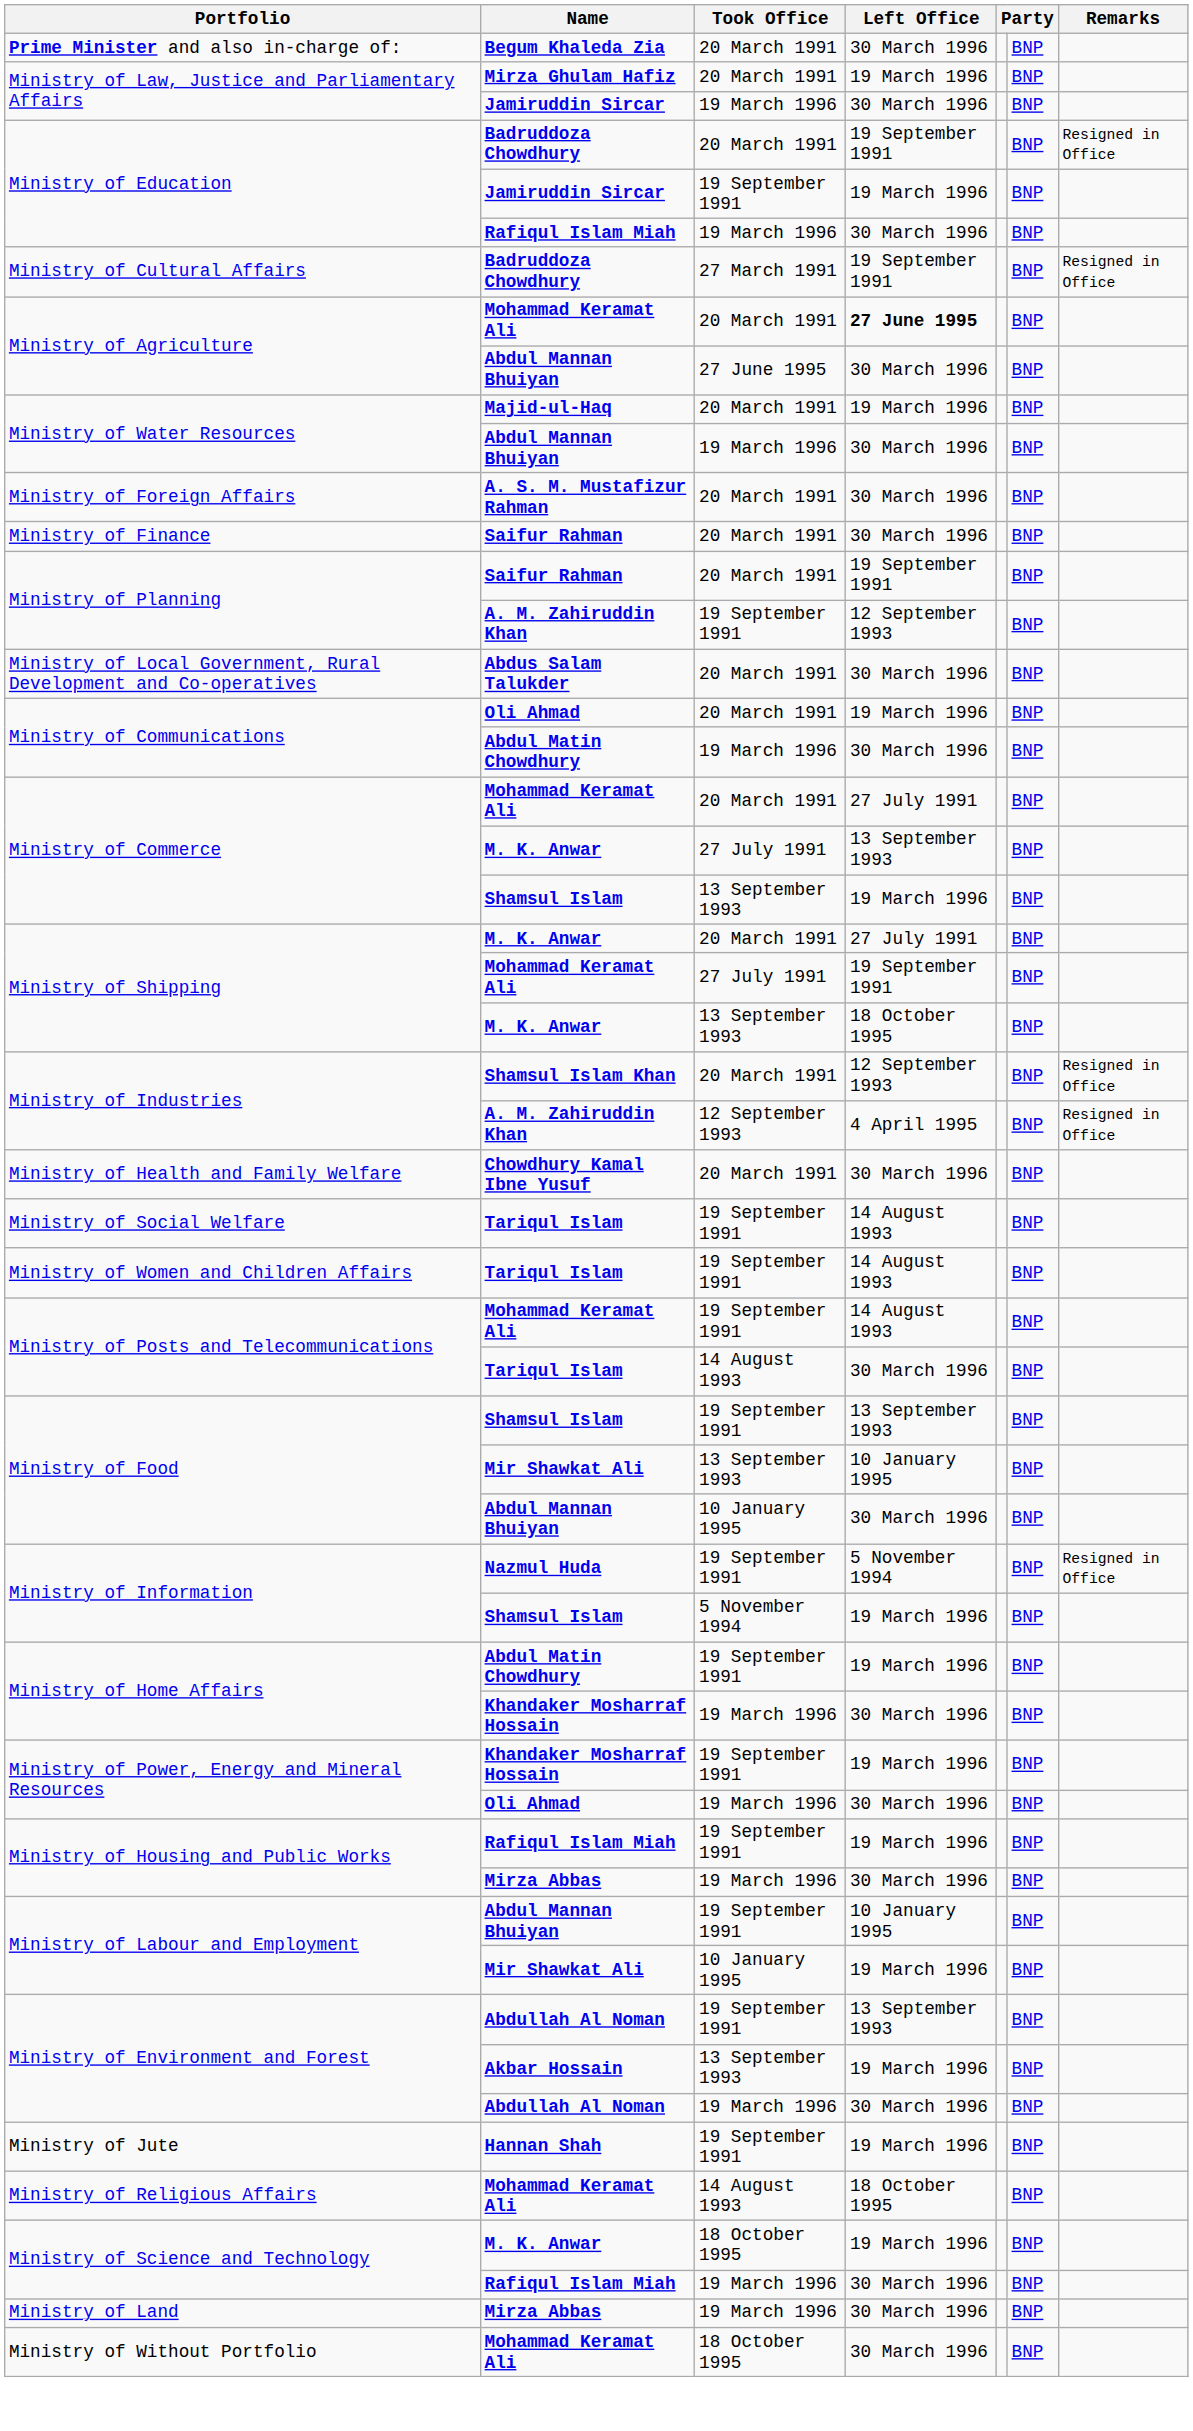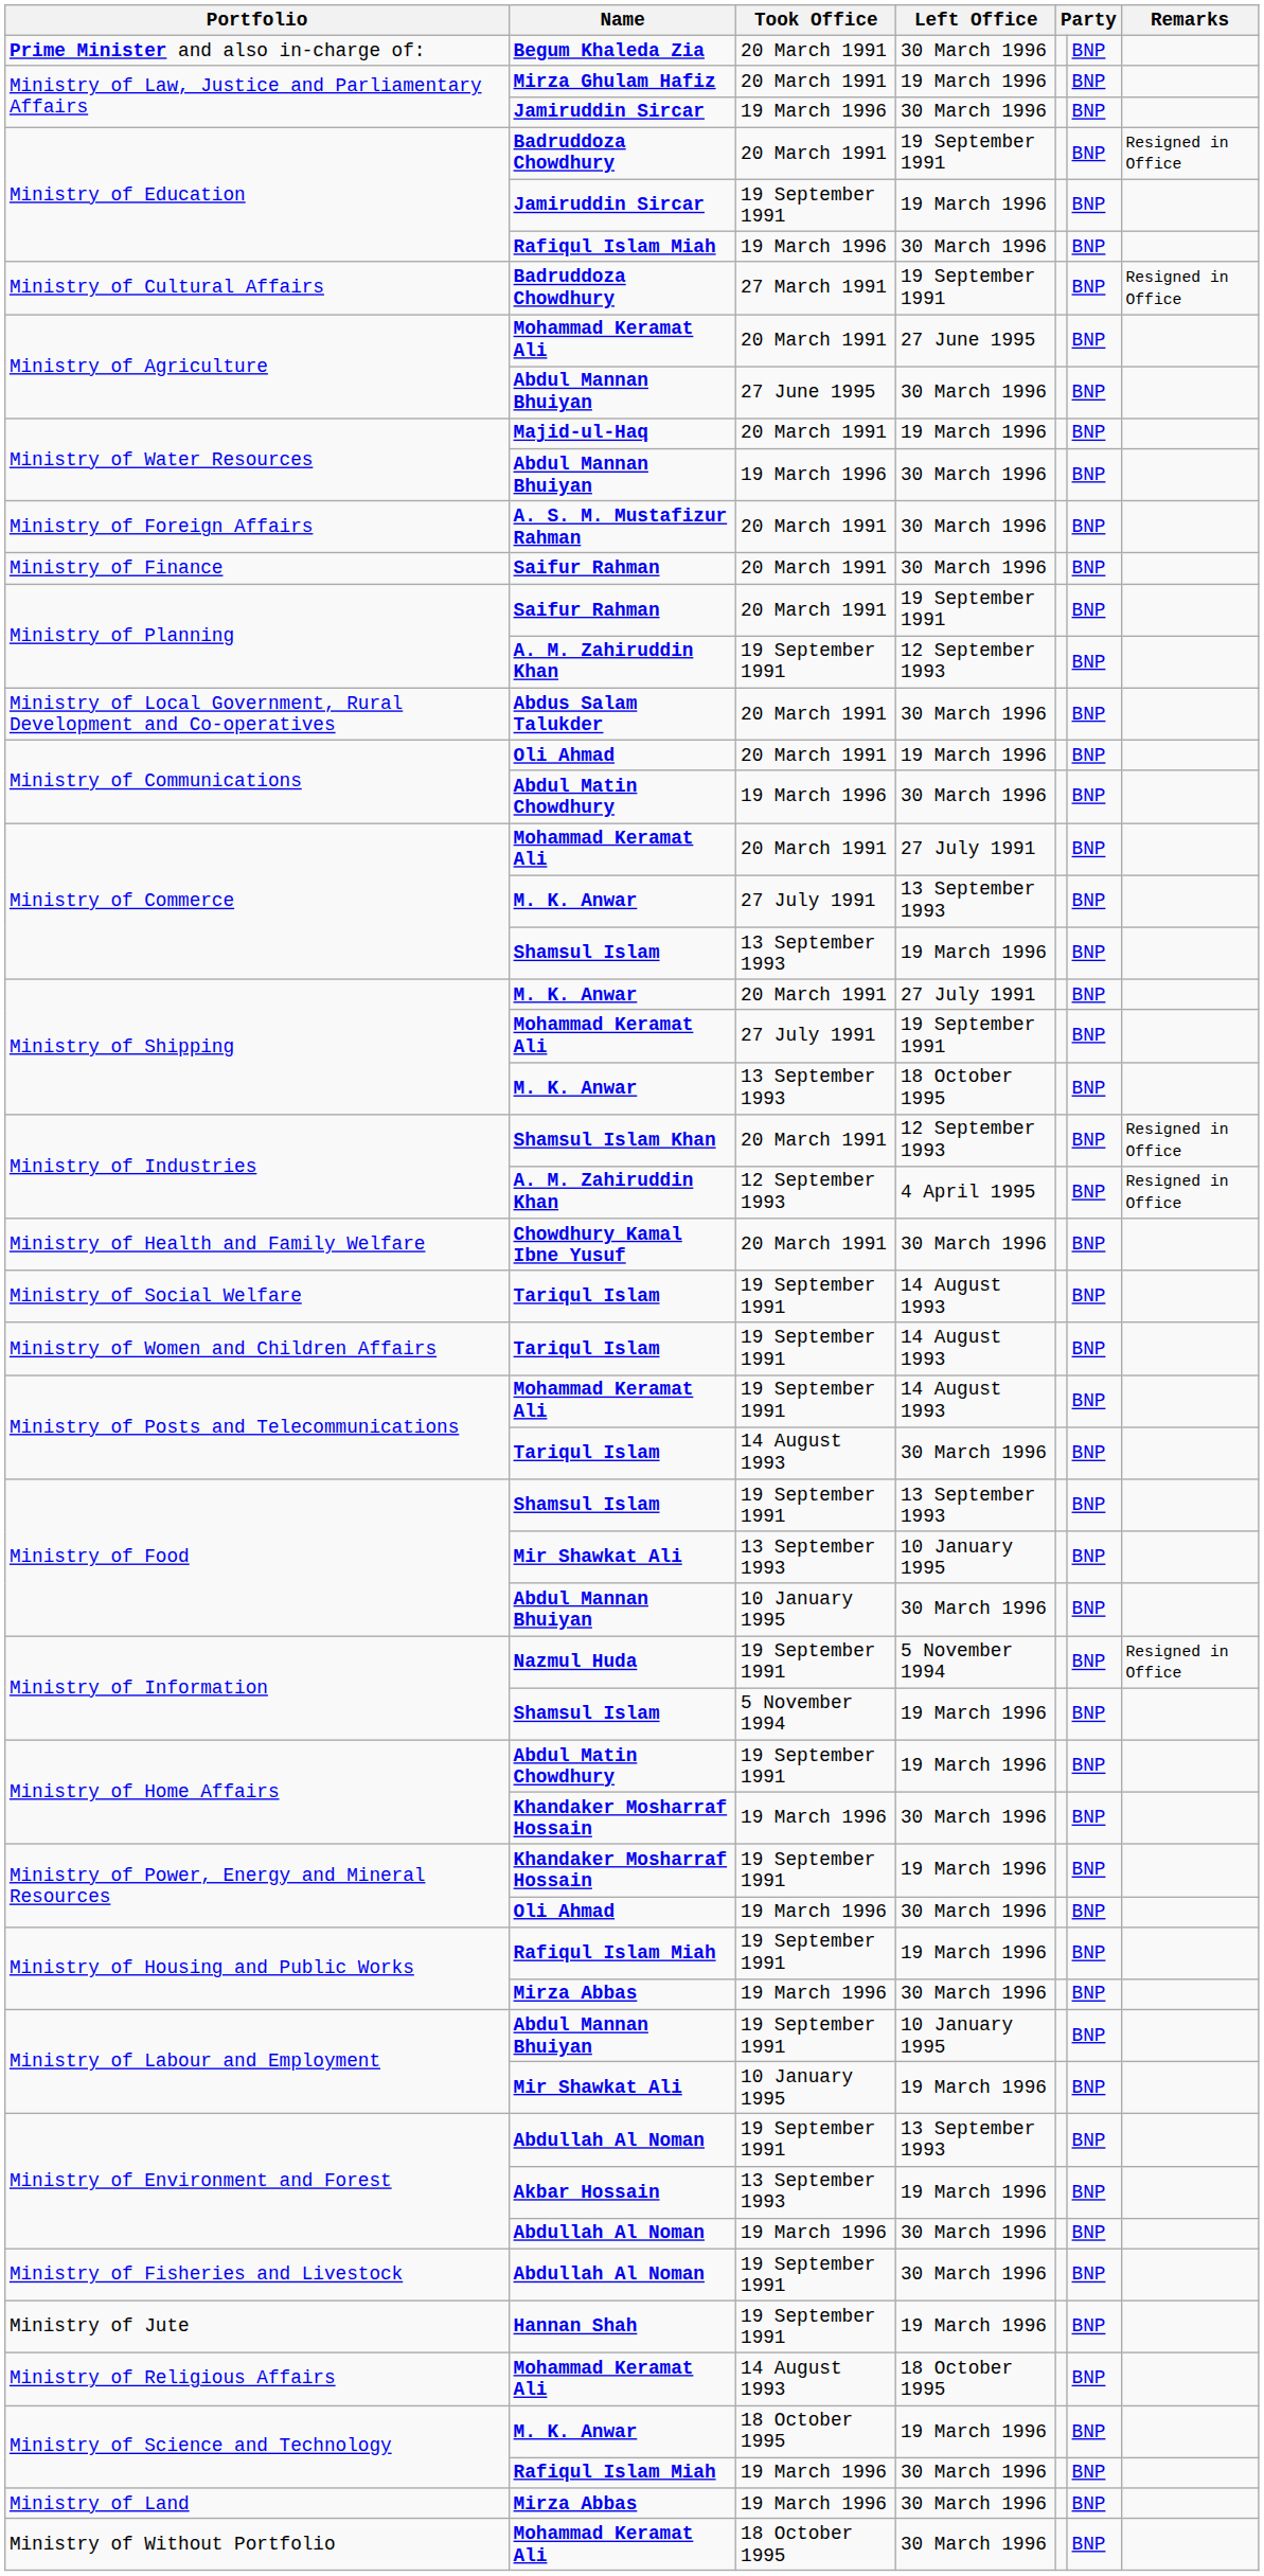 <table class="wikitable sortable">
 <tr>
 <th>Portfolio</th>
 <th>Name</th>
 <th>Took Office</th>
 <th>Left Office</th>
 <th colspan="2">Party</th>
 <th>Remarks</th>
 </tr>
 <tr>
 <td><a href='#'><strong>Prime Minister</strong></a> and also in-charge of: </td>
 <td><a href='#'><strong>Begum Khaleda Zia</strong></a></td>
 <td>20 March 1991</td>
 <td>30 March 1996</td>
 <td style="background-color:"></td>
 <td><a href='#'>BNP</a></td>
 <td></td>
 </tr>
 <tr>
 <td rowspan="2"><a href='#'>Ministry of Law, Justice and Parliamentary Affairs</a></td>
 <td><a href='#'><strong>Mirza Ghulam Hafiz</strong></a></td>
 <td>20 March 1991</td>
 <td>19 March 1996</td>
 <td style="background-color:"></td>
 <td><a href='#'>BNP</a></td>
 <td></td>
 </tr>
 <tr>
 <td><a href='#'><strong>Jamiruddin Sircar</strong></a></td>
 <td>19 March 1996</td>
 <td>30 March 1996</td>
 <td style="background-color:"></td>
 <td><a href='#'>BNP</a></td>
 <td></td>
 </tr>
 <tr>
 <td rowspan="3"><a href='#'>Ministry of Education</a></td>
 <td><a href='#'><strong>Badruddoza Chowdhury</strong></a></td>
 <td>20 March 1991</td>
 <td>19 September 1991</td>
 <td style="background-color:"></td>
 <td><a href='#'>BNP</a></td>
 <td><small>Resigned in Office</small></td>
 </tr>
 <tr>
 <td><a href='#'><strong>Jamiruddin Sircar</strong></a></td>
 <td>19 September 1991</td>
 <td>19 March 1996</td>
 <td style="background-color:"></td>
 <td><a href='#'>BNP</a></td>
 <td></td>
 </tr>
 <tr>
 <td><a href='#'><strong>Rafiqul Islam Miah</strong></a></td>
 <td>19 March 1996</td>
 <td>30 March 1996</td>
 <td style="background-color:"></td>
 <td><a href='#'>BNP</a></td>
 <td></td>
 </tr>
 <tr>
 <td><a href='#'>Ministry of Cultural Affairs</a></td>
 <td><a href='#'><strong>Badruddoza Chowdhury</strong></a></td>
 <td>27 March 1991</td>
 <td>19 September 1991</td>
 <td style="background-color:"></td>
 <td><a href='#'>BNP</a></td>
 <td><small>Resigned in Office</small></td>
 </tr>
 <tr>
 <td rowspan="2"><a href='#'>Ministry of Agriculture</a></td>
 <td><a href='#'><strong>Mohammad Keramat Ali</strong></a></td>
 <td>20 March 1991</td>
-<td><strong>27 June 1995</strong></td>
+<td>27 June 1995</td>
 <td style="background-color:"></td>
 <td><a href='#'>BNP</a></td>
 <td></td>
 </tr>
 <tr>
 <td><a href='#'><strong>Abdul Mannan Bhuiyan</strong></a></td>
 <td>27 June 1995</td>
 <td>30 March 1996</td>
 <td style="background-color:"></td>
 <td><a href='#'>BNP</a></td>
 <td></td>
 </tr>
 <tr>
 <td rowspan="2"><a href='#'>Ministry of Water Resources</a></td>
 <td><strong><a href='#'>Majid-ul-Haq</a></strong></td>
 <td>20 March 1991</td>
 <td>19 March 1996</td>
 <td style="background-color:"></td>
 <td><a href='#'>BNP</a></td>
 <td></td>
 </tr>
 <tr>
 <td><a href='#'><strong>Abdul Mannan Bhuiyan</strong></a></td>
 <td>19 March 1996</td>
 <td>30 March 1996</td>
 <td style="background-color:"></td>
 <td><a href='#'>BNP</a></td>
 <td></td>
 </tr>
 <tr>
 <td><a href='#'>Ministry of Foreign Affairs</a></td>
 <td><a href='#'><strong>A. S. M. Mustafizur Rahman</strong></a></td>
 <td>20 March 1991</td>
 <td>30 March 1996</td>
 <td style="background-color:"></td>
 <td><a href='#'>BNP</a></td>
 <td></td>
 </tr>
 <tr>
 <td><a href='#'>Ministry of Finance</a></td>
 <td><a href='#'><strong>Saifur Rahman</strong></a></td>
 <td>20 March 1991</td>
 <td>30 March 1996</td>
 <td style="background-color:"></td>
 <td><a href='#'>BNP</a></td>
 <td></td>
 </tr>
 <tr>
 <td rowspan="2"><a href='#'>Ministry of Planning</a></td>
 <td><a href='#'><strong>Saifur Rahman</strong></a></td>
 <td>20 March 1991</td>
 <td>19 September 1991</td>
 <td style="background-color:"></td>
 <td><a href='#'>BNP</a></td>
 <td></td>
 </tr>
 <tr>
 <td><a href='#'><strong>A. M. Zahiruddin Khan</strong></a></td>
 <td>19 September 1991</td>
 <td>12 September 1993</td>
 <td style="background-color:"></td>
 <td><a href='#'>BNP</a></td>
 <td></td>
 </tr>
 <tr>
 <td><a href='#'>Ministry of Local Government, Rural Development and Co-operatives</a></td>
 <td><a href='#'><strong>Abdus Salam Talukder</strong></a></td>
 <td>20 March 1991</td>
 <td>30 March 1996</td>
 <td style="background-color:"></td>
 <td><a href='#'>BNP</a></td>
 <td></td>
 </tr>
 <tr>
 <td rowspan="2"><a href='#'>Ministry of Communications</a></td>
 <td><a href='#'><strong>Oli Ahmad</strong></a></td>
 <td>20 March 1991</td>
 <td>19 March 1996</td>
 <td style="background-color:"></td>
 <td><a href='#'>BNP</a></td>
 <td></td>
 </tr>
 <tr>
 <td><a href='#'><strong>Abdul Matin Chowdhury</strong></a></td>
 <td>19 March 1996</td>
 <td>30 March 1996</td>
 <td style="background-color:"></td>
 <td><a href='#'>BNP</a></td>
 <td></td>
 </tr>
 <tr>
 <td rowspan="3"><a href='#'>Ministry of Commerce</a></td>
 <td><a href='#'><strong>Mohammad Keramat Ali</strong></a></td>
 <td>20 March 1991</td>
 <td>27 July 1991</td>
 <td style="background-color:"></td>
 <td><a href='#'>BNP</a></td>
 <td></td>
 </tr>
 <tr>
 <td><a href='#'><strong>M. K. Anwar</strong></a></td>
 <td>27 July 1991</td>
 <td>13 September 1993</td>
 <td style="background-color:"></td>
 <td><a href='#'>BNP</a></td>
 <td></td>
 </tr>
 <tr>
 <td><a href='#'><strong>Shamsul Islam</strong></a></td>
 <td>13 September 1993</td>
 <td>19 March 1996</td>
 <td style="background-color:"></td>
 <td><a href='#'>BNP</a></td>
 <td></td>
 </tr>
 <tr>
 <td rowspan="3"><a href='#'>Ministry of Shipping</a></td>
 <td><a href='#'><strong>M. K. Anwar</strong></a></td>
 <td>20 March 1991</td>
 <td>27 July 1991</td>
 <td style="background-color:"></td>
 <td><a href='#'>BNP</a></td>
 <td></td>
 </tr>
 <tr>
 <td><a href='#'><strong>Mohammad Keramat Ali</strong></a></td>
 <td>27 July 1991</td>
 <td>19 September 1991</td>
 <td style="background-color:"></td>
 <td><a href='#'>BNP</a></td>
 <td></td>
 </tr>
 <tr>
 <td><a href='#'><strong>M. K. Anwar</strong></a></td>
 <td>13 September 1993</td>
 <td>18 October 1995</td>
 <td style="background-color:"></td>
 <td><a href='#'>BNP</a></td>
 <td></td>
 </tr>
 <tr>
 <td rowspan="2"><a href='#'>Ministry of Industries</a></td>
 <td><a href='#'><strong>Shamsul Islam Khan</strong></a></td>
 <td>20 March 1991</td>
 <td>12 September 1993</td>
 <td style="background-color:"></td>
 <td><a href='#'>BNP</a></td>
 <td><small>Resigned in Office</small></td>
 </tr>
 <tr>
 <td><a href='#'><strong>A. M. Zahiruddin Khan</strong></a></td>
 <td>12 September 1993</td>
 <td>4 April 1995</td>
 <td style="background-color:"></td>
 <td><a href='#'>BNP</a></td>
 <td><small>Resigned in Office</small></td>
 </tr>
 <tr>
 <td><a href='#'>Ministry of Health and Family Welfare</a></td>
 <td><a href='#'><strong>Chowdhury Kamal Ibne Yusuf</strong></a></td>
 <td>20 March 1991</td>
 <td>30 March 1996</td>
 <td style="background-color:"></td>
 <td><a href='#'>BNP</a></td>
 <td></td>
 </tr>
 <tr>
 <td><a href='#'>Ministry of Social Welfare</a></td>
 <td><a href='#'><strong>Tariqul Islam</strong></a></td>
 <td>19 September 1991</td>
 <td>14 August 1993</td>
 <td style="background-color:"></td>
 <td><a href='#'>BNP</a></td>
 <td></td>
 </tr>
 <tr>
 <td><a href='#'>Ministry of Women and Children Affairs</a></td>
 <td><a href='#'><strong>Tariqul Islam</strong></a></td>
 <td>19 September 1991</td>
 <td>14 August 1993</td>
 <td style="background-color:"></td>
 <td><a href='#'>BNP</a></td>
 <td></td>
 </tr>
 <tr>
 <td rowspan="2"><a href='#'>Ministry of Posts and Telecommunications</a></td>
 <td><a href='#'><strong>Mohammad Keramat Ali</strong></a></td>
 <td>19 September 1991</td>
 <td>14 August 1993</td>
 <td style="background-color:"></td>
 <td><a href='#'>BNP</a></td>
 <td></td>
 </tr>
 <tr>
 <td><a href='#'><strong>Tariqul Islam</strong></a></td>
 <td>14 August 1993</td>
 <td>30 March 1996</td>
 <td style="background-color:"></td>
 <td><a href='#'>BNP</a></td>
 <td></td>
 </tr>
 <tr>
 <td rowspan="3"><a href='#'>Ministry of Food</a></td>
 <td><a href='#'><strong>Shamsul Islam</strong></a></td>
 <td>19 September 1991</td>
 <td>13 September 1993</td>
 <td style="background-color:"></td>
 <td><a href='#'>BNP</a></td>
 <td></td>
 </tr>
 <tr>
 <td><a href='#'><strong>Mir Shawkat Ali</strong></a></td>
 <td>13 September 1993</td>
 <td>10 January 1995</td>
 <td style="background-color:"></td>
 <td><a href='#'>BNP</a></td>
 <td></td>
 </tr>
 <tr>
 <td><a href='#'><strong>Abdul Mannan Bhuiyan</strong></a></td>
 <td>10 January 1995</td>
 <td>30 March 1996</td>
 <td style="background-color:"></td>
 <td><a href='#'>BNP</a></td>
 <td></td>
 </tr>
 <tr>
 <td rowspan="2"><a href='#'>Ministry of Information</a></td>
 <td><a href='#'><strong>Nazmul Huda</strong></a></td>
 <td>19 September 1991</td>
 <td>5 November 1994</td>
 <td style="background-color:"></td>
 <td><a href='#'>BNP</a></td>
 <td><small>Resigned in Office</small></td>
 </tr>
 <tr>
 <td><a href='#'><strong>Shamsul Islam</strong></a></td>
 <td>5 November 1994</td>
 <td>19 March 1996</td>
 <td style="background-color:"></td>
 <td><a href='#'>BNP</a></td>
 <td></td>
 </tr>
 <tr>
 <td rowspan="2"><a href='#'>Ministry of Home Affairs</a></td>
 <td><a href='#'><strong>Abdul Matin Chowdhury</strong></a></td>
 <td>19 September 1991</td>
 <td>19 March 1996</td>
 <td style="background-color:"></td>
 <td><a href='#'>BNP</a></td>
 <td></td>
 </tr>
 <tr>
 <td><a href='#'><strong>Khandaker Mosharraf Hossain</strong></a></td>
 <td>19 March 1996</td>
 <td>30 March 1996</td>
 <td style="background-color:"></td>
 <td><a href='#'>BNP</a></td>
 <td></td>
 </tr>
 <tr>
 <td rowspan="2"><a href='#'>Ministry of Power, Energy and Mineral Resources</a></td>
 <td><a href='#'><strong>Khandaker Mosharraf Hossain</strong></a></td>
 <td>19 September 1991</td>
 <td>19 March 1996</td>
 <td style="background-color:"></td>
 <td><a href='#'>BNP</a></td>
 <td></td>
 </tr>
 <tr>
 <td><a href='#'><strong>Oli Ahmad</strong></a></td>
 <td>19 March 1996</td>
 <td>30 March 1996</td>
 <td style="background-color:"></td>
 <td><a href='#'>BNP</a></td>
 <td></td>
 </tr>
 <tr>
 <td rowspan="2"><a href='#'>Ministry of Housing and Public Works</a></td>
 <td><a href='#'><strong>Rafiqul Islam Miah</strong></a></td>
 <td>19 September 1991</td>
 <td>19 March 1996</td>
 <td style="background-color:"></td>
 <td><a href='#'>BNP</a></td>
 <td></td>
 </tr>
 <tr>
 <td><a href='#'><strong>Mirza Abbas</strong></a></td>
 <td>19 March 1996</td>
 <td>30 March 1996</td>
 <td style="background-color:"></td>
 <td><a href='#'>BNP</a></td>
 <td></td>
 </tr>
 <tr>
 <td rowspan="2"><a href='#'>Ministry of Labour and Employment</a></td>
 <td><a href='#'><strong>Abdul Mannan Bhuiyan</strong></a></td>
 <td>19 September 1991</td>
 <td>10 January 1995</td>
 <td style="background-color:"></td>
 <td><a href='#'>BNP</a></td>
 <td></td>
 </tr>
 <tr>
 <td><a href='#'><strong>Mir Shawkat Ali</strong></a></td>
 <td>10 January 1995</td>
 <td>19 March 1996</td>
 <td style="background-color:"></td>
 <td><a href='#'>BNP</a></td>
 <td></td>
 </tr>
 <tr>
 <td rowspan="3"><a href='#'>Ministry of Environment and Forest</a></td>
 <td><a href='#'><strong>Abdullah Al Noman</strong></a></td>
 <td>19 September 1991</td>
 <td>13 September 1993</td>
 <td style="background-color:"></td>
 <td><a href='#'>BNP</a></td>
 <td></td>
 </tr>
 <tr>
 <td><a href='#'><strong>Akbar Hossain</strong></a></td>
 <td>13 September 1993</td>
 <td>19 March 1996</td>
 <td style="background-color:"></td>
 <td><a href='#'>BNP</a></td>
 <td></td>
 </tr>
 <tr>
 <td><a href='#'><strong>Abdullah Al Noman</strong></a></td>
 <td>19 March 1996</td>
 <td>30 March 1996</td>
 <td style="background-color:"></td>
 <td><a href='#'>BNP</a></td>
 <td></td>
 </tr>
 <tr>
+<td><a href='#'>Ministry of Fisheries and Livestock</a></td>
+<td><a href='#'><strong>Abdullah Al Noman</strong></a></td>
+<td>19 September 1991</td>
+<td>30 March 1996</td>
+<td style="background-color:"></td>
+<td><a href='#'>BNP</a></td>
+<td></td>
+</tr>
+<tr>
 <td>Ministry of Jute</td>
 <td><a href='#'><strong>Hannan Shah</strong></a></td>
 <td>19 September 1991</td>
 <td>19 March 1996</td>
 <td style="background-color:"></td>
 <td><a href='#'>BNP</a></td>
 <td></td>
 </tr>
 <tr>
 <td><a href='#'>Ministry of Religious Affairs</a></td>
 <td><a href='#'><strong>Mohammad Keramat Ali</strong></a></td>
 <td>14 August 1993</td>
 <td>18 October 1995</td>
 <td style="background-color:"></td>
 <td><a href='#'>BNP</a></td>
 <td></td>
 </tr>
 <tr>
 <td rowspan="2"><a href='#'>Ministry of Science and Technology</a></td>
 <td><a href='#'><strong>M. K. Anwar</strong></a></td>
 <td>18 October 1995</td>
 <td>19 March 1996</td>
 <td style="background-color:"></td>
 <td><a href='#'>BNP</a></td>
 <td></td>
 </tr>
 <tr>
 <td><a href='#'><strong>Rafiqul Islam Miah</strong></a></td>
 <td>19 March 1996</td>
 <td>30 March 1996</td>
 <td style="background-color:"></td>
 <td><a href='#'>BNP</a></td>
 <td></td>
 </tr>
 <tr>
 <td><a href='#'>Ministry of Land</a></td>
 <td><a href='#'><strong>Mirza Abbas</strong></a></td>
 <td>19 March 1996</td>
 <td>30 March 1996</td>
 <td style="background-color:"></td>
 <td><a href='#'>BNP</a></td>
 <td></td>
 </tr>
 <tr>
 <td>Ministry of Without Portfolio</td>
 <td><a href='#'><strong>Mohammad Keramat Ali</strong></a></td>
 <td>18 October 1995</td>
 <td>30 March 1996</td>
 <td style="background-color:"></td>
 <td><a href='#'>BNP</a></td>
 <td></td>
 </tr>
 </table>
